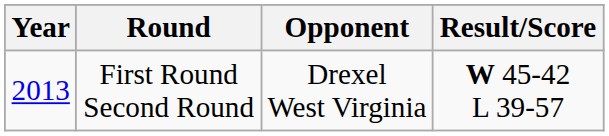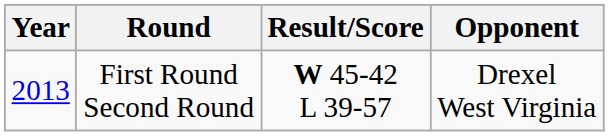 <table class="wikitable" style="text-align:center;">
 <tr>
 <th>Year</th>
 <th>Round</th>
+<th>Result/Score</th>
 <th>Opponent</th>
-<th>Result/Score</th>
 </tr>
 <tr style="text-align:center;">
 <td><a href='#'>2013</a></td>
 <td>First Round<br>Second Round</td>
+<td><strong>W</strong> 45-42<br>L 39-57</td>
 <td>Drexel<br>West Virginia</td>
-<td><strong>W</strong> 45-42<br>L 39-57</td>
 </tr>
 </table>
